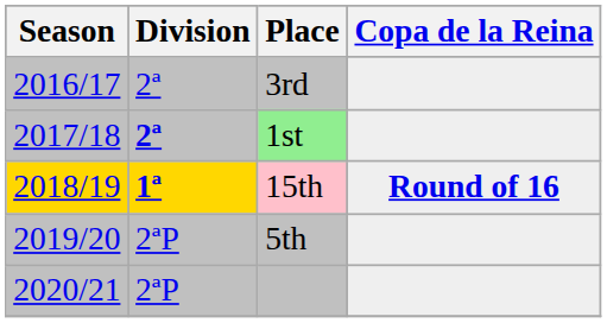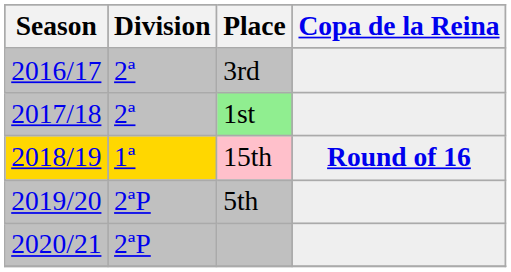 <table class="wikitable">
 <tr style="background:#f0f6fa;">
 <th>Season</th>
 <th>Division</th>
 <th>Place</th>
 <th><a href='#'>Copa de la Reina</a></th>
 </tr>
 <tr>
 <td style="background:silver;"><a href='#'>2016/17</a></td>
 <td style="background:silver;"><a href='#'>2ª</a></td>
 <td style="background:silver;">3rd</td>
 <th style="background:#efefef;"></th>
 </tr>
 <tr>
 <td style="background:silver;"><a href='#'>2017/18</a></td>
-<td style="background:silver;"><strong><a href='#'>2ª</a></strong></td>
+<td style="background:silver;"><a href='#'>2ª</a></td>
 <td style="background:lightgreen;">1st</td>
 <th style="background:#efefef;"></th>
 </tr>
 <tr>
 <td style="background:gold;"><a href='#'>2018/19</a></td>
-<td style="background:gold;"><strong><a href='#'>1ª</a></strong></td>
+<td style="background:gold;"><a href='#'>1ª</a></td>
 <td style="background:pink;">15th</td>
 <th style="background:#efefef;"><a href='#'>Round of 16</a></th>
 </tr>
 <tr>
 <td style="background:silver;"><a href='#'>2019/20</a></td>
 <td style="background:silver;"><a href='#'>2ªP</a></td>
 <td style="background:silver;">5th</td>
 <th style="background:#efefef;"></th>
 </tr>
 <tr>
 <td style="background:silver;"><a href='#'>2020/21</a></td>
 <td style="background:silver;"><a href='#'>2ªP</a></td>
 <td style="background:silver;"></td>
 <th style="background:#efefef;"></th>
 </tr>
 <tr>
 </tr>
 </table>
